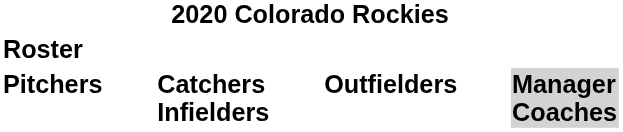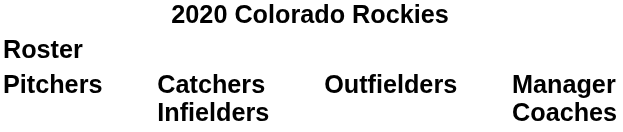 <table class="toccolours" style="font-size: 95%;">
 <tr>
 <th colspan="10">2020 Colorado Rockies</th>
 </tr>
 <tr>
 <td colspan="10"><strong>Roster</strong></td>
 </tr>
 <tr>
 <td valign="top"><strong>Pitchers</strong><br>                      </td>
 <td width="25px"></td>
 <td valign="top"><strong>Catchers</strong><br>   <strong>Infielders</strong>        </td>
 <td width="25px"></td>
 <td valign="top"><strong>Outfielders</strong><br>     </td>
 <td width="25px"></td>
-<td valign="top" style="background: lightgrey;"><strong>Manager</strong><br> <strong>Coaches</strong>                   </td>
+<td valign="top"><strong>Manager</strong><br> <strong>Coaches</strong>                   </td>
 </tr>
 <tr>
 </tr>
 </table>
